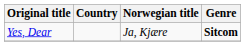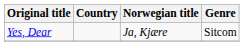 <table class="wikitable">
 <tr>
 <th>Original title</th>
 <th>Country</th>
 <th>Norwegian title</th>
 <th>Genre</th>
 </tr>
 <tr>
 <td><em><a href='#'>Yes, Dear</a></em></td>
 <td></td>
 <td><em>Ja, Kjære</em></td>
-<td><strong>Sitcom</strong></td>
+<td>Sitcom</td>
 </tr>
 <tr>
 </tr>
 </table>
